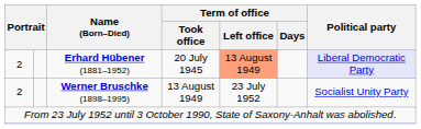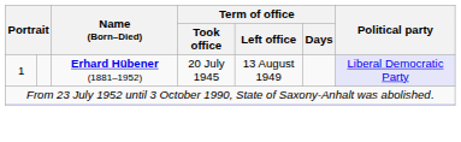 <table class="wikitable" style="text-align:center; width:100%; border:1px #AAAAFF solid">
 <tr>
 <th width=80px rowspan=2 colspan=2>Portrait</th>
 <th width=30% rowspan=2>Name<br><small>(Born–Died)</small></th>
 <th width=35% colspan=3>Term of office</th>
 <th width=28% rowspan=2>Political party</th>
 </tr>
 <tr>
 <th>Took office</th>
 <th>Left office</th>
 <th>Days</th>
 </tr>
 <tr>
-<td style="background:">2</td>
+<td style="background:">1</td>
 <td></td>
 <td><strong><a href='#'>Erhard Hübener</a></strong><br><small>(1881–1952)</small></td>
 <td>20 July 1945</td>
-<td style="background: lightsalmon;">13 August 1949</td>
+<td>13 August 1949</td>
 <td></td>
 <td style="background: lavender;"><a href='#'>Liberal Democratic Party</a></td>
-</tr>
-<tr>
-<td style="background:">2</td>
-<td></td>
-<td><strong><a href='#'>Werner Bruschke</a></strong><br><small>(1898–1995)</small></td>
-<td>13 August 1949</td>
-<td>23 July 1952</td>
-<td></td>
-<td><a href='#'>Socialist Unity Party</a></td>
 </tr>
 <tr>
 <td colspan="7"><em>From 23 July 1952 until 3 October 1990, State of Saxony-Anhalt was abolished</em>.</td>
 </tr>
 <tr>
 </tr>
 </table>
